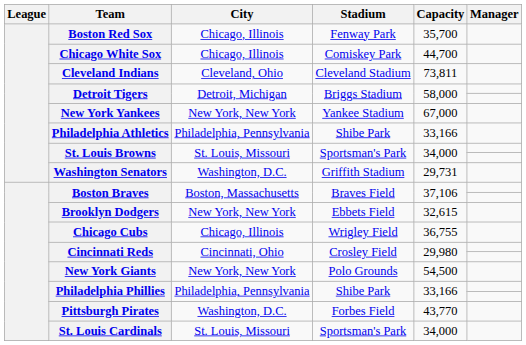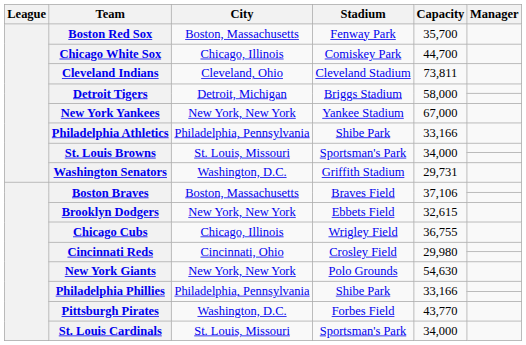 <table class="wikitable sortable plainrowheaders" style="text-align:center;">
 <tr>
 <th scope="col">League</th>
 <th scope="col">Team</th>
 <th scope="col">City</th>
 <th scope="col">Stadium</th>
 <th scope="col">Capacity</th>
 <th scope="col">Manager</th>
 </tr>
 <tr>
 <th rowspan="10"></th>
 <th scope="row"><a href='#'>Boston Red Sox</a></th>
-<td><a href='#'>Chicago, Illinois</a></td>
+<td><a href='#'>Boston, Massachusetts</a></td>
 <td><a href='#'>Fenway Park</a></td>
 <td>35,700</td>
 <td></td>
 </tr>
 <tr>
 <th scope="row"><a href='#'>Chicago White Sox</a></th>
 <td><a href='#'>Chicago, Illinois</a></td>
 <td><a href='#'>Comiskey Park</a></td>
 <td>44,700</td>
 <td></td>
 </tr>
 <tr>
 <th scope="row"><a href='#'>Cleveland Indians</a></th>
 <td><a href='#'>Cleveland, Ohio</a></td>
 <td><a href='#'>Cleveland Stadium</a></td>
 <td>73,811</td>
 <td></td>
 </tr>
 <tr>
 <th rowspan="2" scope="row"><a href='#'>Detroit Tigers</a></th>
 <td rowspan="2"><a href='#'>Detroit, Michigan</a></td>
 <td rowspan="2"><a href='#'>Briggs Stadium</a></td>
 <td rowspan="2">58,000</td>
 <td></td>
 </tr>
 <tr>
 <td></td>
 </tr>
 <tr>
 <th scope="row"><a href='#'>New York Yankees</a></th>
 <td><a href='#'>New York, New York</a></td>
 <td><a href='#'>Yankee Stadium</a></td>
 <td>67,000</td>
 <td></td>
 </tr>
 <tr>
 <th scope="row"><a href='#'>Philadelphia Athletics</a></th>
 <td><a href='#'>Philadelphia, Pennsylvania</a></td>
 <td><a href='#'>Shibe Park</a></td>
 <td>33,166</td>
 <td></td>
 </tr>
 <tr>
 <th rowspan="2" scope="row"><a href='#'>St. Louis Browns</a></th>
 <td rowspan="2"><a href='#'>St. Louis, Missouri</a></td>
 <td rowspan="2"><a href='#'>Sportsman's Park</a></td>
 <td rowspan="2">34,000</td>
 <td></td>
 </tr>
 <tr>
 <td></td>
 </tr>
 <tr>
 <th scope="row"><a href='#'>Washington Senators</a></th>
 <td><a href='#'>Washington, D.C.</a></td>
 <td><a href='#'>Griffith Stadium</a></td>
 <td>29,731</td>
 <td></td>
 </tr>
 <tr>
 <th rowspan="11"></th>
 <th rowspan="2" scope="row"><a href='#'>Boston Braves</a></th>
 <td rowspan="2"><a href='#'>Boston, Massachusetts</a></td>
 <td rowspan="2"><a href='#'>Braves Field</a></td>
 <td rowspan="2">37,106</td>
 <td></td>
 </tr>
 <tr>
 <td></td>
 </tr>
 <tr>
 <th scope="row"><a href='#'>Brooklyn Dodgers</a></th>
 <td><a href='#'>New York, New York</a></td>
 <td><a href='#'>Ebbets Field</a></td>
 <td>32,615</td>
 <td></td>
 </tr>
 <tr>
 <th scope="row"><a href='#'>Chicago Cubs</a></th>
 <td><a href='#'>Chicago, Illinois</a></td>
 <td><a href='#'>Wrigley Field</a></td>
 <td>36,755</td>
 <td></td>
 </tr>
 <tr>
 <th rowspan="2" scope="row"><a href='#'>Cincinnati Reds</a></th>
 <td rowspan="2"><a href='#'>Cincinnati, Ohio</a></td>
 <td rowspan="2"><a href='#'>Crosley Field</a></td>
 <td rowspan="2">29,980</td>
 <td></td>
 </tr>
 <tr>
 <td></td>
 </tr>
 <tr>
 <th scope="row"><a href='#'>New York Giants</a></th>
 <td><a href='#'>New York, New York</a></td>
 <td><a href='#'>Polo Grounds</a></td>
-<td>54,500</td>
+<td>54,630</td>
 <td></td>
 </tr>
 <tr>
 <th rowspan="2" scope="row"><a href='#'>Philadelphia Phillies</a></th>
 <td rowspan="2"><a href='#'>Philadelphia, Pennsylvania</a></td>
 <td rowspan="2"><a href='#'>Shibe Park</a></td>
 <td rowspan="2">33,166</td>
 <td></td>
 </tr>
 <tr>
 <td></td>
 </tr>
 <tr>
 <th scope="row"><a href='#'>Pittsburgh Pirates</a></th>
 <td><a href='#'>Washington, D.C.</a></td>
 <td><a href='#'>Forbes Field</a></td>
 <td>43,770</td>
 <td></td>
 </tr>
 <tr>
 <th scope="row"><a href='#'>St. Louis Cardinals</a></th>
 <td><a href='#'>St. Louis, Missouri</a></td>
 <td><a href='#'>Sportsman's Park</a></td>
 <td>34,000</td>
 <td></td>
 </tr>
 </table>
